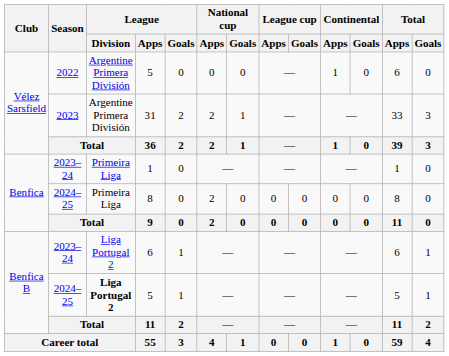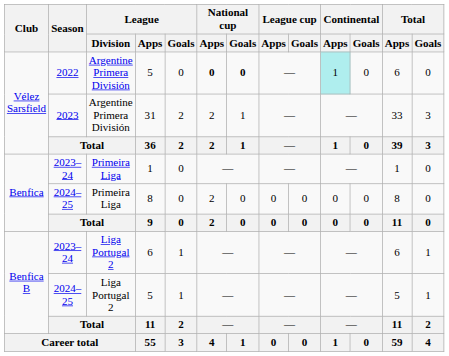 <table class="wikitable" style="text-align: center">
 <tr>
 <th rowspan="2">Club</th>
 <th rowspan="2">Season</th>
 <th colspan="3">League</th>
 <th colspan="2">National cup</th>
 <th colspan="2">League cup</th>
 <th colspan="2">Continental</th>
 <th colspan="2">Total</th>
 </tr>
 <tr>
 <th>Division</th>
 <th>Apps</th>
 <th>Goals</th>
 <th>Apps</th>
 <th>Goals</th>
 <th>Apps</th>
 <th>Goals</th>
 <th>Apps</th>
 <th>Goals</th>
 <th>Apps</th>
 <th>Goals</th>
 </tr>
 <tr>
 <td rowspan="3"><a href='#'>Vélez Sarsfield</a></td>
 <td><a href='#'>2022</a></td>
 <td><a href='#'>Argentine Primera División</a></td>
 <td>5</td>
 <td>0</td>
-<td>0</td>
-<td>0</td>
+<td><strong>0</strong></td>
+<td><strong>0</strong></td>
 <td colspan="2">—</td>
-<td>1</td>
+<td style="background: paleturquoise;">1</td>
 <td>0</td>
 <td>6</td>
 <td>0</td>
 </tr>
 <tr>
 <td><a href='#'>2023</a></td>
 <td>Argentine Primera División</td>
 <td>31</td>
 <td>2</td>
 <td>2</td>
 <td>1</td>
 <td colspan="2">—</td>
 <td colspan="2">—</td>
 <td>33</td>
 <td>3</td>
 </tr>
 <tr>
 <th colspan="2">Total</th>
 <th>36</th>
 <th>2</th>
 <th>2</th>
 <th>1</th>
 <th colspan="2">—</th>
 <th>1</th>
 <th>0</th>
 <th>39</th>
 <th>3</th>
 </tr>
 <tr>
 <td rowspan="3"><a href='#'>Benfica</a></td>
 <td><a href='#'>2023–24</a></td>
 <td><a href='#'>Primeira Liga</a></td>
 <td>1</td>
 <td>0</td>
 <td colspan="2">—</td>
 <td colspan="2">—</td>
 <td colspan="2">—</td>
 <td>1</td>
 <td>0</td>
 </tr>
 <tr>
 <td><a href='#'>2024–25</a></td>
 <td>Primeira Liga</td>
 <td>8</td>
 <td>0</td>
 <td>2</td>
 <td>0</td>
 <td>0</td>
 <td>0</td>
 <td>0</td>
 <td>0</td>
 <td>8</td>
 <td>0</td>
 </tr>
 <tr>
 <th colspan="2">Total</th>
 <th>9</th>
 <th>0</th>
 <th>2</th>
 <th>0</th>
 <th>0</th>
 <th>0</th>
 <th>0</th>
 <th>0</th>
 <th>11</th>
 <th>0</th>
 </tr>
 <tr>
 <td rowspan="3"><a href='#'>Benfica B</a></td>
 <td><a href='#'>2023–24</a></td>
 <td><a href='#'>Liga Portugal 2</a></td>
 <td>6</td>
 <td>1</td>
 <td colspan="2">—</td>
 <td colspan="2">—</td>
 <td colspan="2">—</td>
 <td>6</td>
 <td>1</td>
 </tr>
 <tr>
 <td><a href='#'>2024–25</a></td>
-<td><strong>Liga Portugal 2</strong></td>
+<td>Liga Portugal 2</td>
 <td>5</td>
 <td>1</td>
 <td colspan="2">—</td>
 <td colspan="2">—</td>
 <td colspan="2">—</td>
 <td>5</td>
 <td>1</td>
 </tr>
 <tr>
 <th colspan="2">Total</th>
 <th>11</th>
 <th>2</th>
 <th colspan="2">—</th>
 <th colspan="2">—</th>
 <th colspan="2">—</th>
 <th>11</th>
 <th>2</th>
 </tr>
 <tr>
 <th colspan="3">Career total</th>
 <th>55</th>
 <th>3</th>
 <th>4</th>
 <th>1</th>
 <th>0</th>
 <th>0</th>
 <th>1</th>
 <th>0</th>
 <th>59</th>
 <th>4</th>
 </tr>
 </table>
